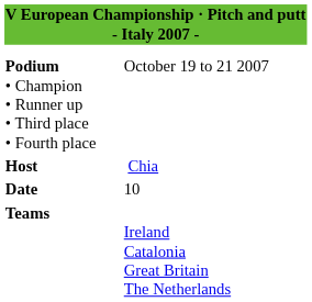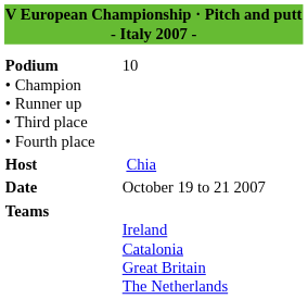 <table class="toccolours" style="float: right; margin: 0 0 1em 1em; font-size: 90%;">
 <tr>
 <td colspan="2" style="background: #66bb33; text-align: center;"><strong>V European Championship · Pitch and putt<br>- Italy 2007 -</strong></td>
 </tr>
 <tr>
 <td colspan="2" style="text-align: center;"></td>
 </tr>
 <tr style="vertical-align:top;">
 <td colspan=2></td>
 </tr>
 <tr style="vertical-align:top;">
 <td><strong>Podium</strong><br>• Champion<br>• Runner up<br>• Third place<br>• Fourth place</td>
-<td>October 19 to 21 2007</td>
+<td>10</td>
 </tr>
 <tr style="vertical-align:top;">
 <td><strong>Host</strong></td>
 <td> <a href='#'>Chia</a></td>
 </tr>
 <tr style="vertical-align:top;">
 <td><strong>Date</strong></td>
-<td>10</td>
+<td>October 19 to 21 2007</td>
 </tr>
 <tr style="vertical-align:top;">
 <td><strong>Teams</strong></td>
 <td><br> <a href='#'>Ireland</a><br> <a href='#'>Catalonia</a><br> <a href='#'>Great Britain</a><br> <a href='#'>The Netherlands</a></td>
 </tr>
 </table>
